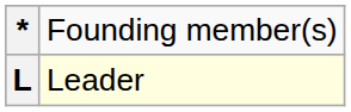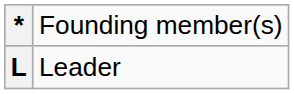 <table class="wikitable">
 <tr>
 <th>*</th>
 <td>Founding member(s)</td>
 </tr>
 <tr>
 <th><strong>L</strong></th>
-<td style="background: lightyellow;">Leader</td>
+<td>Leader</td>
 </tr>
 </table>
